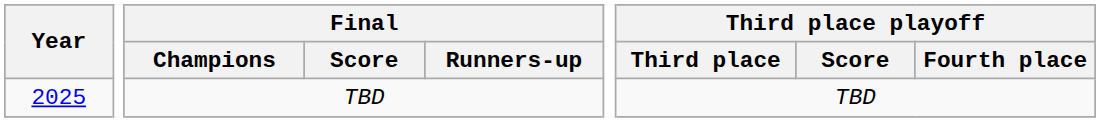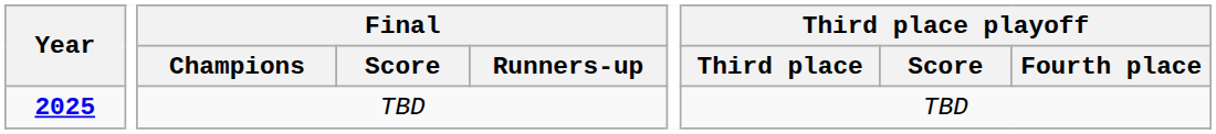 <table class="wikitable sortable" style="font-size:100%; text-align:center; width:100%;">
 <tr>
 <th rowspan="2" style="width:9%;">Year</th>
 <td width="1%" rowspan=3 style="background-color:#ffffff;border-top-style:hidden;border-bottom-style:hidden;"></td>
 <th colspan=3>Final</th>
 <td width="1%" rowspan=3 style="background-color:#ffffff;border-top-style:hidden;border-bottom-style:hidden;"></td>
 <th colspan=3>Third place playoff</th>
 </tr>
 <tr>
 <th style="width:15%;">Champions</th>
 <th style="width:10%;">Score</th>
 <th style="width:15%;">Runners-up</th>
 <th style="width:15%;">Third place</th>
 <th style="width:10%;">Score</th>
 <th style="width:15%;">Fourth place</th>
 </tr>
 <tr>
-<td><a href='#'>2025</a></td>
+<td><strong><a href='#'>2025</a></strong></td>
 <td colspan=3><em>TBD</em></td>
 <td colspan=3><em>TBD</em></td>
 </tr>
 </table>
